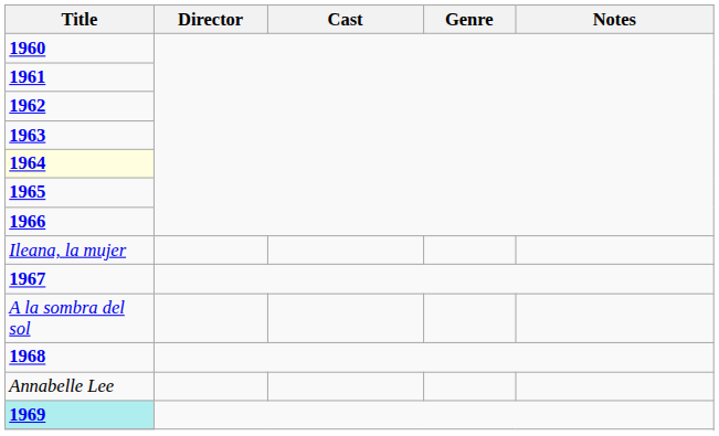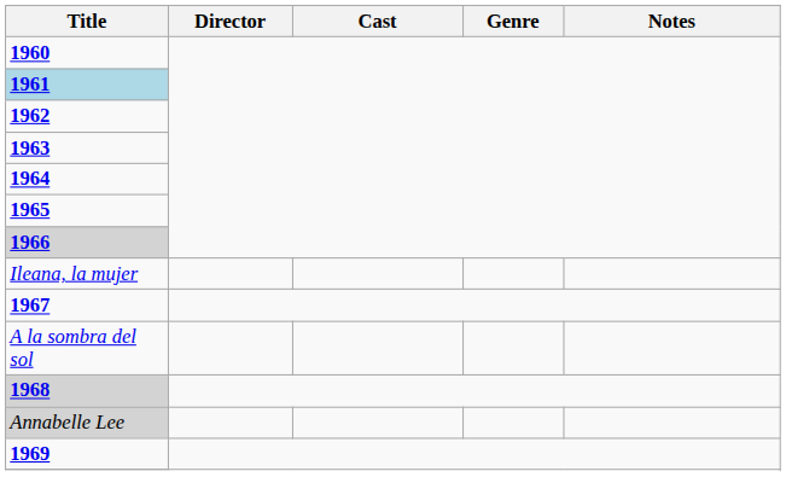 <table class="wikitable" width= "100%">
 <tr>
 <th width=21%>Title</th>
 <th width=16%>Director</th>
 <th width=22%>Cast</th>
 <th width=13%>Genre</th>
 <th width=28%>Notes</th>
 </tr>
 <tr>
 <td><strong><a href='#'>1960</a></strong></td>
 </tr>
 <tr>
-<td><strong><a href='#'>1961</a></strong></td>
+<td style="background: lightblue;"><strong><a href='#'>1961</a></strong></td>
 </tr>
 <tr>
 <td><strong><a href='#'>1962</a></strong></td>
 </tr>
 <tr>
 <td><strong><a href='#'>1963</a></strong></td>
 </tr>
 <tr>
-<td style="background: lightyellow;"><strong><a href='#'>1964</a></strong></td>
+<td><strong><a href='#'>1964</a></strong></td>
 </tr>
 <tr>
 <td><strong><a href='#'>1965</a></strong></td>
 </tr>
 <tr>
-<td><strong><a href='#'>1966</a></strong></td>
+<td style="background: lightgrey;"><strong><a href='#'>1966</a></strong></td>
 </tr>
 <tr>
 <td><em><a href='#'>Ileana, la mujer</a></em></td>
 <td></td>
 <td></td>
 <td></td>
 <td></td>
 </tr>
 <tr>
 <td><strong><a href='#'>1967</a></strong></td>
 </tr>
 <tr>
 <td><em><a href='#'>A la sombra del sol</a></em></td>
 <td></td>
 <td></td>
 <td></td>
 <td></td>
 </tr>
 <tr>
-<td><strong><a href='#'>1968</a></strong></td>
+<td style="background: lightgrey;"><strong><a href='#'>1968</a></strong></td>
 </tr>
 <tr>
-<td><em>Annabelle Lee</em></td>
+<td style="background: lightgrey;"><em>Annabelle Lee</em></td>
 <td></td>
 <td></td>
 <td></td>
 <td></td>
 </tr>
 <tr>
-<td style="background: paleturquoise;"><strong><a href='#'>1969</a></strong></td>
+<td><strong><a href='#'>1969</a></strong></td>
 </tr>
 <tr>
 </tr>
 </table>
